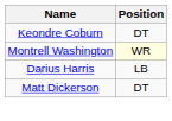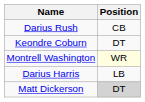 <table class="wikitable sortable" style="text-align:center">
 <tr>
 <th>Name</th>
 <th>Position</th>
+</tr>
+<tr>
+<td><a href='#'>Darius Rush</a></td>
+<td>CB</td>
 </tr>
 <tr>
 <td><a href='#'>Keondre Coburn</a></td>
 <td>DT</td>
 </tr>
 <tr>
 <td><a href='#'>Montrell Washington</a></td>
 <td style="background: lightyellow;">WR</td>
 </tr>
 <tr>
 <td><a href='#'>Darius Harris</a></td>
 <td>LB</td>
 </tr>
 <tr>
 <td><a href='#'>Matt Dickerson</a></td>
-<td>DT</td>
+<td style="background: lightgrey;">DT</td>
 </tr>
 </table>
